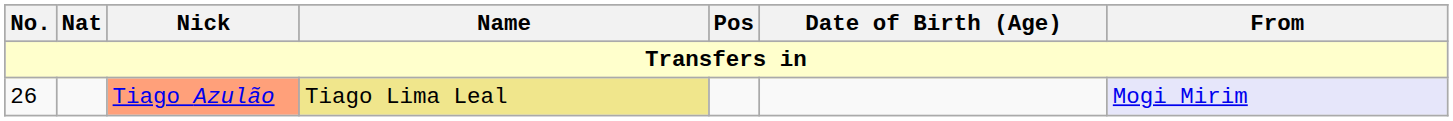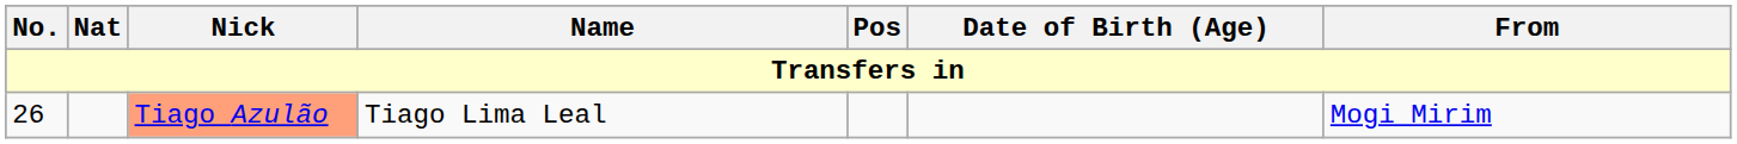 <table class="wikitable ve-ce-branchNode ve-ce-tableNode">
 <tr>
 <th>No.</th>
 <th>Nat</th>
 <th width=105px>Nick</th>
 <th width=230px>Name</th>
 <th>Pos</th>
 <th width=195px>Date of Birth (Age)</th>
 <th width=190px>From</th>
 </tr>
 <tr bgcolor=#ffffcc>
 <td align=center colspan=7><strong>Transfers in</strong></td>
 </tr>
 <tr>
 <td>26</td>
 <td></td>
 <td style="background: lightsalmon;"><a href='#'>Tiago <em>Azulão</em></a></td>
-<td style="background: khaki;">Tiago Lima Leal</td>
+<td>Tiago Lima Leal</td>
 <td></td>
 <td></td>
-<td style="background: lavender;"> <a href='#'>Mogi Mirim</a></td>
+<td> <a href='#'>Mogi Mirim</a></td>
 </tr>
 </table>
